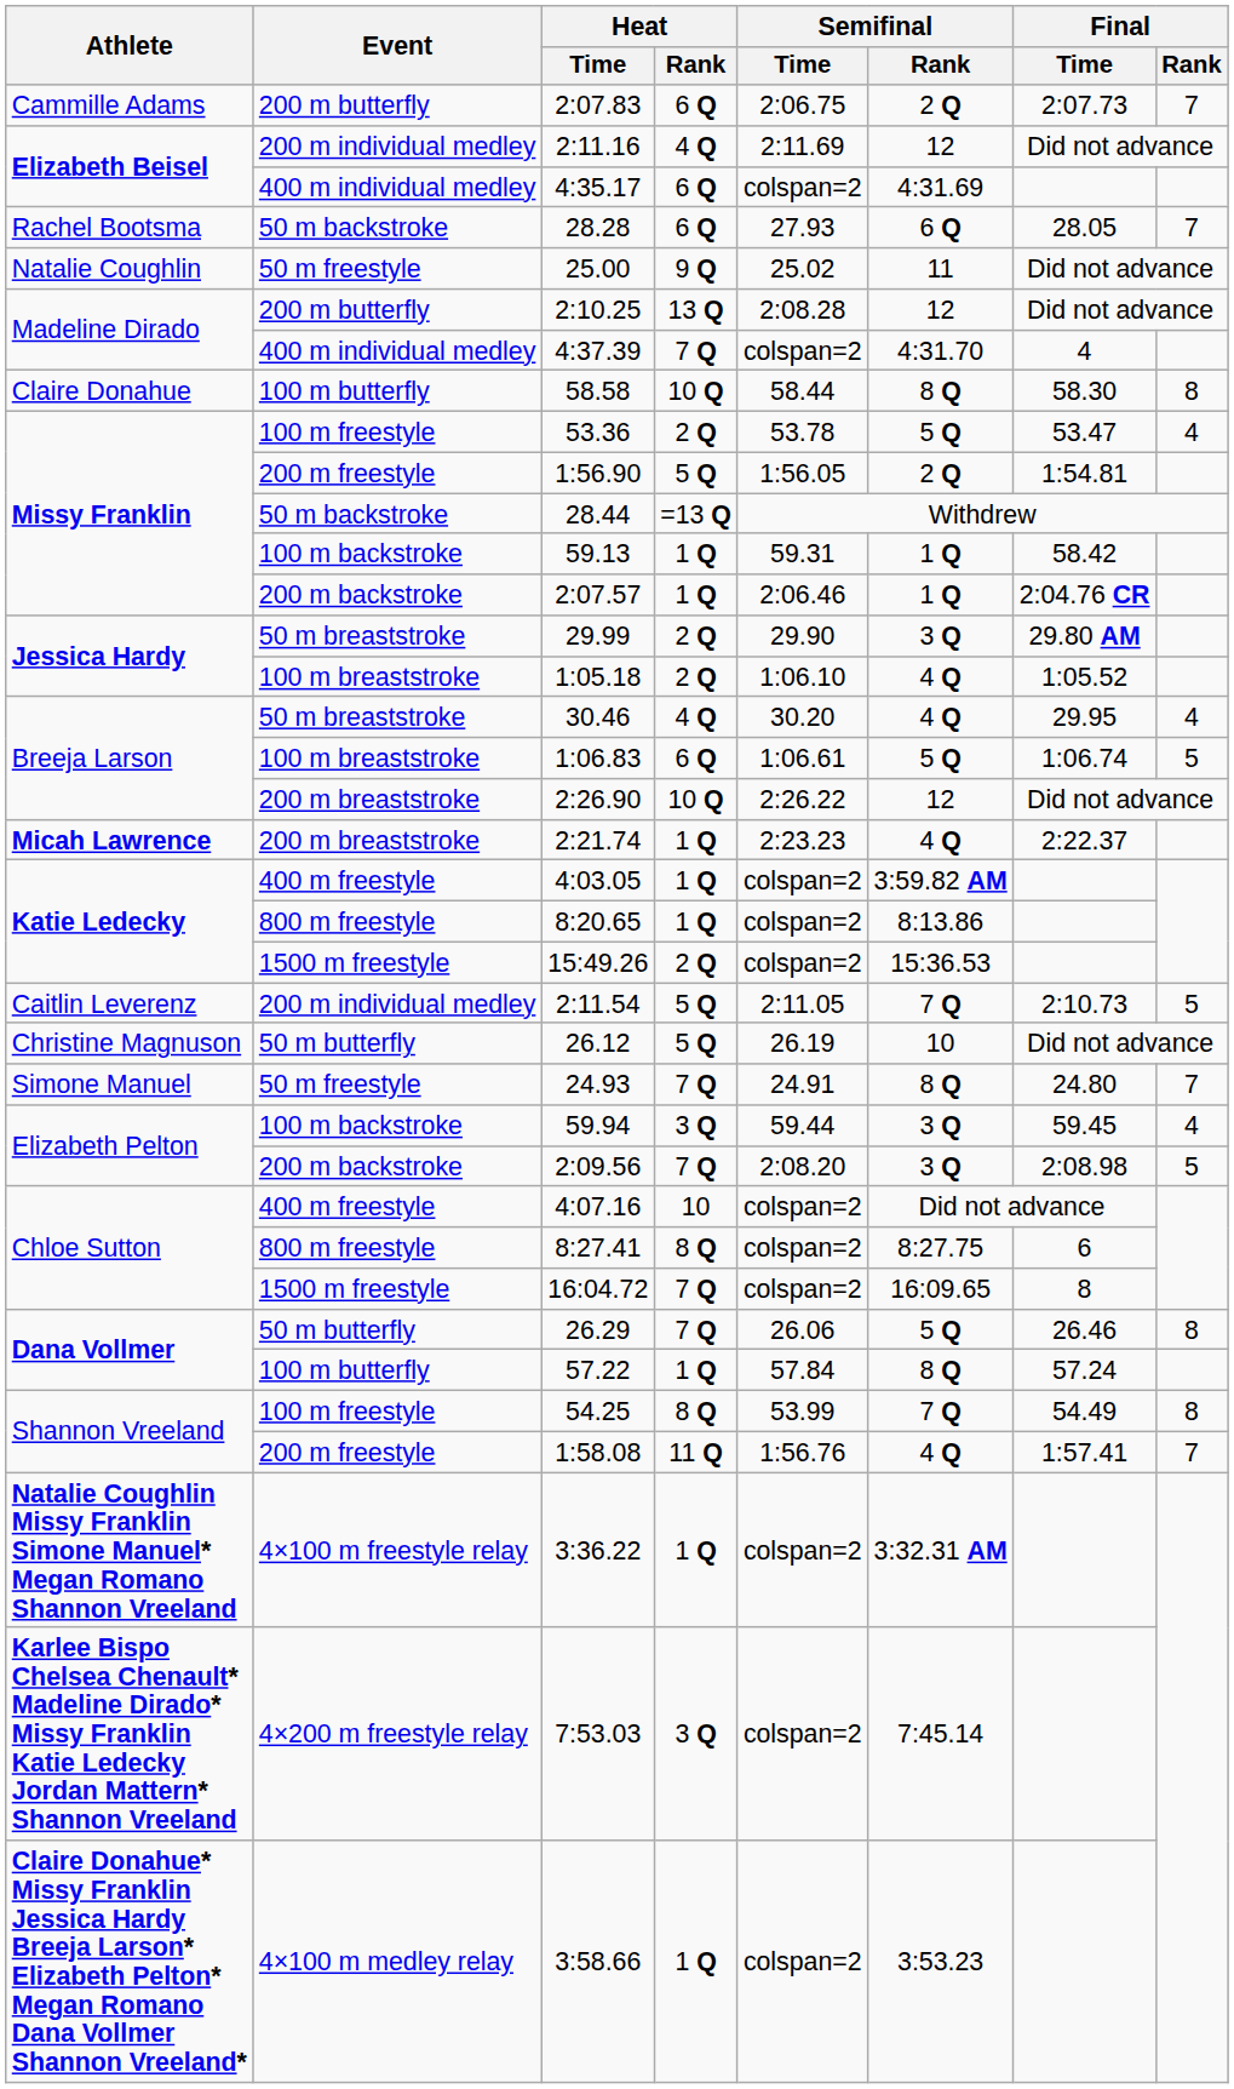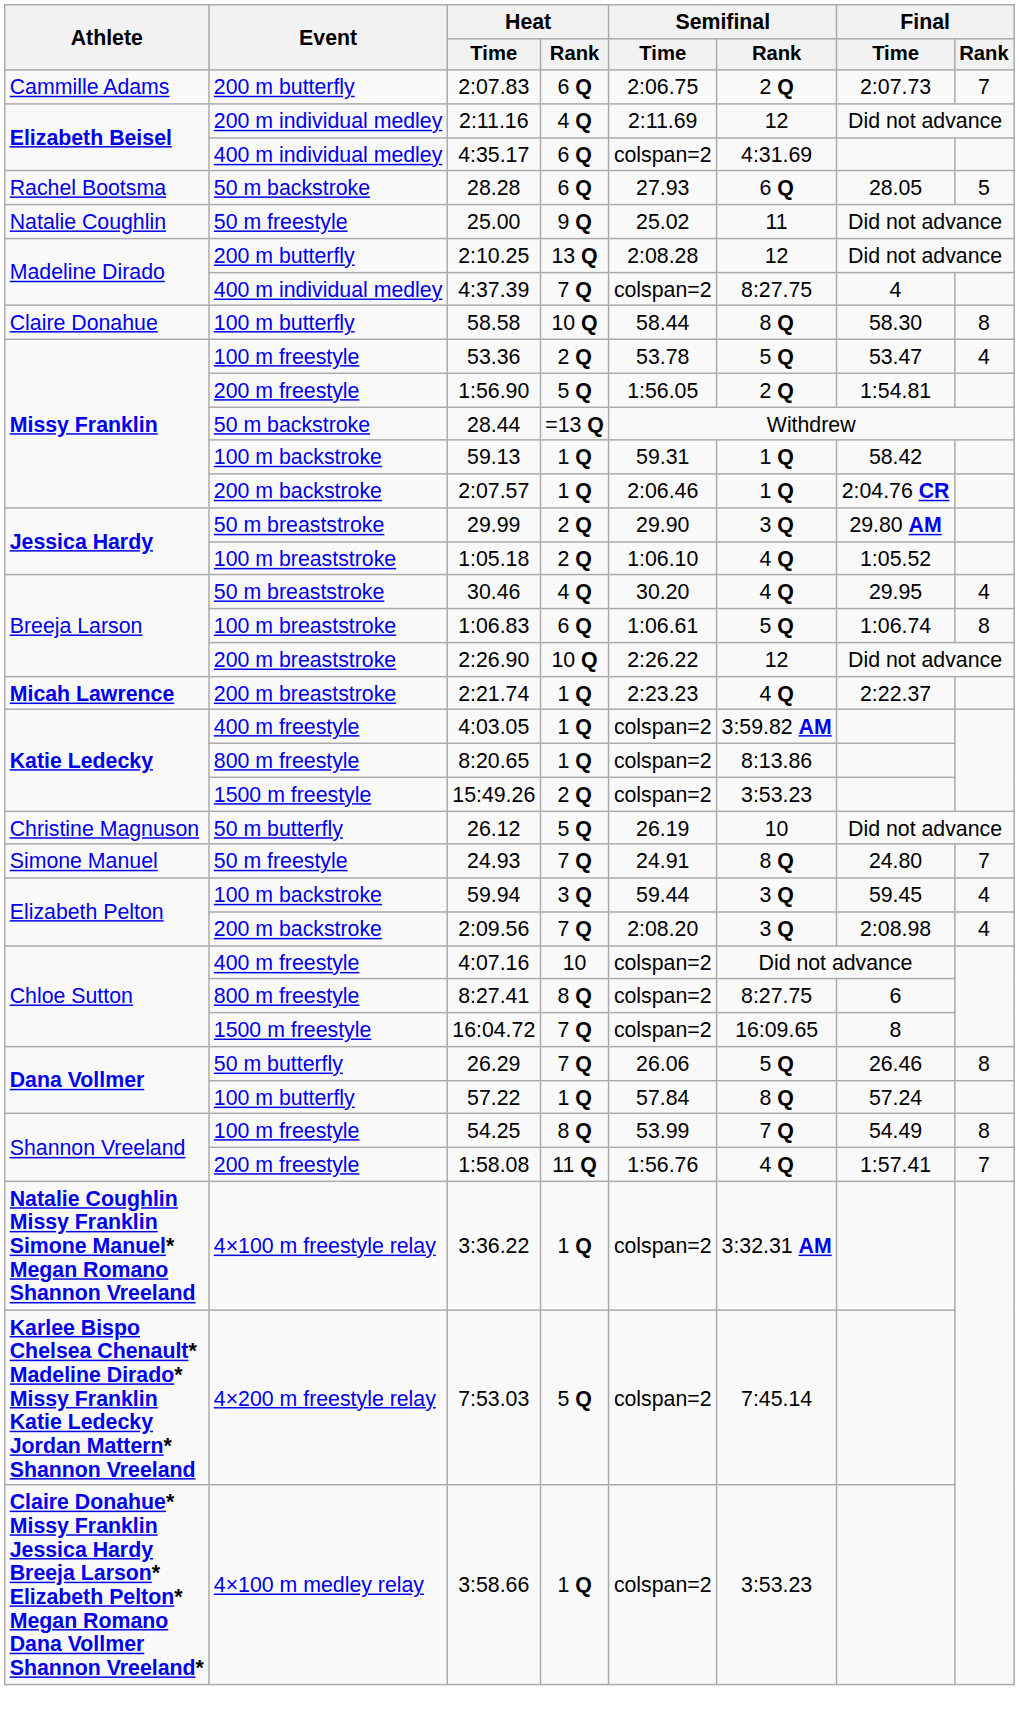 <table class=wikitable style="font-size:90%">
 <tr>
 <th rowspan="2">Athlete</th>
 <th rowspan="2">Event</th>
 <th colspan="2">Heat</th>
 <th colspan="2">Semifinal</th>
 <th colspan="2">Final</th>
 </tr>
 <tr style="font-size:95%">
 <th>Time</th>
 <th>Rank</th>
 <th>Time</th>
 <th>Rank</th>
 <th>Time</th>
 <th>Rank</th>
 </tr>
 <tr align=center>
 <td align=left><a href='#'>Cammille Adams</a></td>
 <td align=left><a href='#'>200 m butterfly</a></td>
 <td>2:07.83</td>
 <td>6 <strong>Q</strong></td>
 <td>2:06.75</td>
 <td>2 <strong>Q</strong></td>
 <td>2:07.73</td>
 <td>7</td>
 </tr>
 <tr align=center>
 <td align=left rowspan=2><strong><a href='#'>Elizabeth Beisel</a></strong></td>
 <td align=left><a href='#'>200 m individual medley</a></td>
 <td>2:11.16</td>
 <td>4 <strong>Q</strong></td>
 <td>2:11.69</td>
 <td>12</td>
 <td colspan=2>Did not advance</td>
 </tr>
 <tr align=center>
 <td align=left><a href='#'>400 m individual medley</a></td>
 <td>4:35.17</td>
 <td>6 <strong>Q</strong></td>
 <td>colspan=2 </td>
 <td>4:31.69</td>
 <td></td>
 </tr>
 <tr align=center>
 <td align=left><a href='#'>Rachel Bootsma</a></td>
 <td align=left><a href='#'>50 m backstroke</a></td>
 <td>28.28</td>
 <td>6 <strong>Q</strong></td>
 <td>27.93</td>
 <td>6 <strong>Q</strong></td>
 <td>28.05</td>
-<td>7</td>
+<td>5</td>
 </tr>
 <tr align=center>
 <td align=left><a href='#'>Natalie Coughlin</a></td>
 <td align=left><a href='#'>50 m freestyle</a></td>
 <td>25.00</td>
 <td>9 <strong>Q</strong></td>
 <td>25.02</td>
 <td>11</td>
 <td colspan=2>Did not advance</td>
 </tr>
 <tr align=center>
 <td align=left rowspan=2><a href='#'>Madeline Dirado</a></td>
 <td align=left><a href='#'>200 m butterfly</a></td>
 <td>2:10.25</td>
 <td>13 <strong>Q</strong></td>
 <td>2:08.28</td>
 <td>12</td>
 <td colspan=2>Did not advance</td>
 </tr>
 <tr align=center>
 <td align=left><a href='#'>400 m individual medley</a></td>
 <td>4:37.39</td>
 <td>7 <strong>Q</strong></td>
 <td>colspan=2 </td>
-<td>4:31.70</td>
+<td>8:27.75</td>
 <td>4</td>
 </tr>
 <tr align=center>
 <td align=left><a href='#'>Claire Donahue</a></td>
 <td align=left><a href='#'>100 m butterfly</a></td>
 <td>58.58</td>
 <td>10 <strong>Q</strong></td>
 <td>58.44</td>
 <td>8 <strong>Q</strong></td>
 <td>58.30</td>
 <td>8</td>
 </tr>
 <tr align=center>
 <td align=left rowspan=5><strong><a href='#'>Missy Franklin</a></strong></td>
 <td align=left><a href='#'>100 m freestyle</a></td>
 <td>53.36</td>
 <td>2 <strong>Q</strong></td>
 <td>53.78</td>
 <td>5 <strong>Q</strong></td>
 <td>53.47</td>
 <td>4</td>
 </tr>
 <tr align=center>
 <td align=left><a href='#'>200 m freestyle</a></td>
 <td>1:56.90</td>
 <td>5 <strong>Q</strong></td>
 <td>1:56.05</td>
 <td>2 <strong>Q</strong></td>
 <td>1:54.81</td>
 <td></td>
 </tr>
 <tr align=center>
 <td align=left><a href='#'>50 m backstroke</a></td>
 <td>28.44</td>
 <td>=13 <strong>Q</strong></td>
 <td colspan=4>Withdrew</td>
 </tr>
 <tr align=center>
 <td align=left><a href='#'>100 m backstroke</a></td>
 <td>59.13</td>
 <td>1 <strong>Q</strong></td>
 <td>59.31</td>
 <td>1 <strong>Q</strong></td>
 <td>58.42</td>
 <td></td>
 </tr>
 <tr align=center>
 <td align=left><a href='#'>200 m backstroke</a></td>
 <td>2:07.57</td>
 <td>1 <strong>Q</strong></td>
 <td>2:06.46</td>
 <td>1 <strong>Q</strong></td>
 <td>2:04.76 <strong><a href='#'>CR</a></strong></td>
 <td></td>
 </tr>
 <tr align=center>
 <td align=left rowspan=2><strong><a href='#'>Jessica Hardy</a></strong></td>
 <td align=left><a href='#'>50 m breaststroke</a></td>
 <td>29.99</td>
 <td>2 <strong>Q</strong></td>
 <td>29.90</td>
 <td>3 <strong>Q</strong></td>
 <td>29.80 <strong><a href='#'>AM</a></strong></td>
 <td></td>
 </tr>
 <tr align=center>
 <td align=left><a href='#'>100 m breaststroke</a></td>
 <td>1:05.18</td>
 <td>2 <strong>Q</strong></td>
 <td>1:06.10</td>
 <td>4 <strong>Q</strong></td>
 <td>1:05.52</td>
 <td></td>
 </tr>
 <tr align=center>
 <td align=left rowspan=3><a href='#'>Breeja Larson</a></td>
 <td align=left><a href='#'>50 m breaststroke</a></td>
 <td>30.46</td>
 <td>4 <strong>Q</strong></td>
 <td>30.20</td>
 <td>4 <strong>Q</strong></td>
 <td>29.95</td>
 <td>4</td>
 </tr>
 <tr align=center>
 <td align=left><a href='#'>100 m breaststroke</a></td>
 <td>1:06.83</td>
 <td>6 <strong>Q</strong></td>
 <td>1:06.61</td>
 <td>5 <strong>Q</strong></td>
 <td>1:06.74</td>
-<td>5</td>
+<td>8</td>
 </tr>
 <tr align=center>
 <td align=left><a href='#'>200 m breaststroke</a></td>
 <td>2:26.90</td>
 <td>10 <strong>Q</strong></td>
 <td>2:26.22</td>
 <td>12</td>
 <td colspan=2>Did not advance</td>
 </tr>
 <tr align=center>
 <td align=left><strong><a href='#'>Micah Lawrence</a></strong></td>
 <td align=left><a href='#'>200 m breaststroke</a></td>
 <td>2:21.74</td>
 <td>1 <strong>Q</strong></td>
 <td>2:23.23</td>
 <td>4 <strong>Q</strong></td>
 <td>2:22.37</td>
 <td></td>
 </tr>
 <tr align=center>
 <td align=left rowspan=3><strong><a href='#'>Katie Ledecky</a></strong></td>
 <td align=left><a href='#'>400 m freestyle</a></td>
 <td>4:03.05</td>
 <td>1 <strong>Q</strong></td>
 <td>colspan=2 </td>
 <td>3:59.82 <strong><a href='#'>AM</a></strong></td>
 <td></td>
 </tr>
 <tr align=center>
 <td align=left><a href='#'>800 m freestyle</a></td>
 <td>8:20.65</td>
 <td>1 <strong>Q</strong></td>
 <td>colspan=2 </td>
 <td>8:13.86 </td>
 <td></td>
 </tr>
 <tr align=center>
 <td align=left><a href='#'>1500 m freestyle</a></td>
 <td>15:49.26</td>
 <td>2 <strong>Q</strong></td>
 <td>colspan=2 </td>
-<td>15:36.53 </td>
+<td>3:53.23</td>
 <td></td>
-</tr>
-<tr align=center>
-<td align=left><a href='#'>Caitlin Leverenz</a></td>
-<td align=left><a href='#'>200 m individual medley</a></td>
-<td>2:11.54</td>
-<td>5 <strong>Q</strong></td>
-<td>2:11.05</td>
-<td>7 <strong>Q</strong></td>
-<td>2:10.73</td>
-<td>5</td>
 </tr>
 <tr align=center>
 <td align=left><a href='#'>Christine Magnuson</a></td>
 <td align=left><a href='#'>50 m butterfly</a></td>
 <td>26.12</td>
 <td>5 <strong>Q</strong></td>
 <td>26.19</td>
 <td>10</td>
 <td colspan=2>Did not advance</td>
 </tr>
 <tr align=center>
 <td align=left><a href='#'>Simone Manuel</a></td>
 <td align=left><a href='#'>50 m freestyle</a></td>
 <td>24.93</td>
 <td>7 <strong>Q</strong></td>
 <td>24.91</td>
 <td>8 <strong>Q</strong></td>
 <td>24.80</td>
 <td>7</td>
 </tr>
 <tr align=center>
 <td align=left rowspan=2><a href='#'>Elizabeth Pelton</a></td>
 <td align=left><a href='#'>100 m backstroke</a></td>
 <td>59.94</td>
 <td>3 <strong>Q</strong></td>
 <td>59.44</td>
 <td>3 <strong>Q</strong></td>
 <td>59.45</td>
 <td>4</td>
 </tr>
 <tr align=center>
 <td align=left><a href='#'>200 m backstroke</a></td>
 <td>2:09.56</td>
 <td>7 <strong>Q</strong></td>
 <td>2:08.20</td>
 <td>3 <strong>Q</strong></td>
 <td>2:08.98</td>
-<td>5</td>
+<td>4</td>
 </tr>
 <tr align=center>
 <td align=left rowspan=3><a href='#'>Chloe Sutton</a></td>
 <td align=left><a href='#'>400 m freestyle</a></td>
 <td>4:07.16</td>
 <td>10</td>
 <td>colspan=2 </td>
 <td colspan=2>Did not advance</td>
 </tr>
 <tr align=center>
 <td align=left><a href='#'>800 m freestyle</a></td>
 <td>8:27.41</td>
 <td>8 <strong>Q</strong></td>
 <td>colspan=2 </td>
 <td>8:27.75</td>
 <td>6</td>
 </tr>
 <tr align=center>
 <td align=left><a href='#'>1500 m freestyle</a></td>
 <td>16:04.72</td>
 <td>7 <strong>Q</strong></td>
 <td>colspan=2 </td>
 <td>16:09.65</td>
 <td>8</td>
 </tr>
 <tr align=center>
 <td align=left rowspan=2><strong><a href='#'>Dana Vollmer</a></strong></td>
 <td align=left><a href='#'>50 m butterfly</a></td>
 <td>26.29</td>
 <td>7 <strong>Q</strong></td>
 <td>26.06</td>
 <td>5 <strong>Q</strong></td>
 <td>26.46</td>
 <td>8</td>
 </tr>
 <tr align=center>
 <td align=left><a href='#'>100 m butterfly</a></td>
 <td>57.22</td>
 <td>1 <strong>Q</strong></td>
 <td>57.84</td>
 <td>8 <strong>Q</strong></td>
 <td>57.24</td>
 <td></td>
 </tr>
 <tr align=center>
 <td align=left rowspan=2><a href='#'>Shannon Vreeland</a></td>
 <td align=left><a href='#'>100 m freestyle</a></td>
 <td>54.25</td>
 <td>8 <strong>Q</strong></td>
 <td>53.99</td>
 <td>7 <strong>Q</strong></td>
 <td>54.49</td>
 <td>8</td>
 </tr>
 <tr align=center>
 <td align=left><a href='#'>200 m freestyle</a></td>
 <td>1:58.08</td>
 <td>11 <strong>Q</strong></td>
 <td>1:56.76</td>
 <td>4 <strong>Q</strong></td>
 <td>1:57.41</td>
 <td>7</td>
 </tr>
 <tr align=center>
 <td align=left><strong><a href='#'>Natalie Coughlin</a><br><a href='#'>Missy Franklin</a><br><a href='#'>Simone Manuel</a>*<br><a href='#'>Megan Romano</a><br><a href='#'>Shannon Vreeland</a></strong></td>
 <td align=left><a href='#'>4×100 m freestyle relay</a></td>
 <td>3:36.22</td>
 <td>1 <strong>Q</strong></td>
 <td>colspan=2 </td>
 <td>3:32.31 <strong><a href='#'>AM</a></strong></td>
 <td></td>
 </tr>
 <tr align=center>
 <td align=left><strong><a href='#'>Karlee Bispo</a><br><a href='#'>Chelsea Chenault</a>*<br><a href='#'>Madeline Dirado</a>*<br><a href='#'>Missy Franklin</a><br><a href='#'>Katie Ledecky</a><br><a href='#'>Jordan Mattern</a>*<br><a href='#'>Shannon Vreeland</a></strong></td>
 <td align=left><a href='#'>4×200 m freestyle relay</a></td>
 <td>7:53.03</td>
-<td>3 <strong>Q</strong></td>
+<td>5 <strong>Q</strong></td>
 <td>colspan=2 </td>
 <td>7:45.14</td>
 <td></td>
 </tr>
 <tr align=center>
 <td align=left><strong><a href='#'>Claire Donahue</a>*<br><a href='#'>Missy Franklin</a><br><a href='#'>Jessica Hardy</a><br><a href='#'>Breeja Larson</a>*<br><a href='#'>Elizabeth Pelton</a>*<br><a href='#'>Megan Romano</a><br><a href='#'>Dana Vollmer</a><br><a href='#'>Shannon Vreeland</a>*</strong></td>
 <td align=left><a href='#'>4×100 m medley relay</a></td>
 <td>3:58.66</td>
 <td>1 <strong>Q</strong></td>
 <td>colspan=2 </td>
 <td>3:53.23</td>
 <td></td>
 </tr>
 </table>
